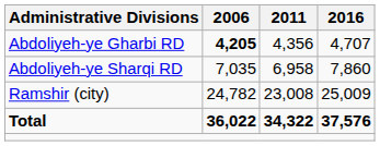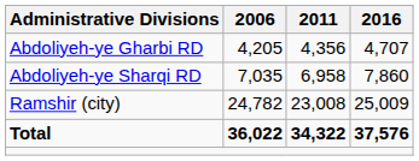 <table class="wikitable">
 <tr>
 <th>Administrative Divisions</th>
 <th>2006</th>
 <th>2011</th>
 <th>2016</th>
 </tr>
 <tr>
 <td><a href='#'>Abdoliyeh-ye Gharbi RD</a></td>
-<td style="text-align: right;"><strong>4,205</strong></td>
+<td style="text-align: right;">4,205</td>
 <td style="text-align: right;">4,356</td>
 <td style="text-align: right;">4,707</td>
 </tr>
 <tr>
 <td><a href='#'>Abdoliyeh-ye Sharqi RD</a></td>
 <td style="text-align: right;">7,035</td>
 <td style="text-align: right;">6,958</td>
 <td style="text-align: right;">7,860</td>
 </tr>
 <tr>
 <td><a href='#'>Ramshir</a> (city)</td>
 <td style="text-align: right;">24,782</td>
 <td style="text-align: right;">23,008</td>
 <td style="text-align: right;">25,009</td>
 </tr>
 <tr>
 <td><strong>Total</strong></td>
 <td style="text-align: right;"><strong>36,022</strong></td>
 <td style="text-align: right;"><strong>34,322</strong></td>
 <td style="text-align: right;"><strong>37,576</strong></td>
 </tr>
 <tr>
 <td colspan=4></td>
 </tr>
 </table>
